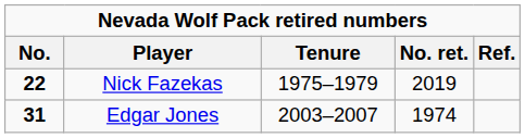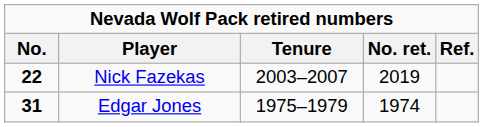 <table class="wikitable sortable" style="text-align:center">
 <tr>
 <td colspan="5"><strong>Nevada Wolf Pack retired numbers</strong></td>
 </tr>
 <tr>
 <th width=40px>No.</th>
 <th width=150px>Player</th>
 <th width=100px>Tenure</th>
 <th width=px>No. ret.</th>
 <th width=px>Ref.</th>
 </tr>
 <tr>
 <td><strong>22</strong></td>
 <td><a href='#'>Nick Fazekas</a></td>
-<td>1975–1979</td>
+<td>2003–2007</td>
 <td>2019</td>
 <td></td>
 </tr>
 <tr>
 <td><strong>31</strong></td>
 <td><a href='#'>Edgar Jones</a></td>
-<td>2003–2007</td>
+<td>1975–1979</td>
 <td>1974</td>
 <td></td>
 </tr>
 </table>
